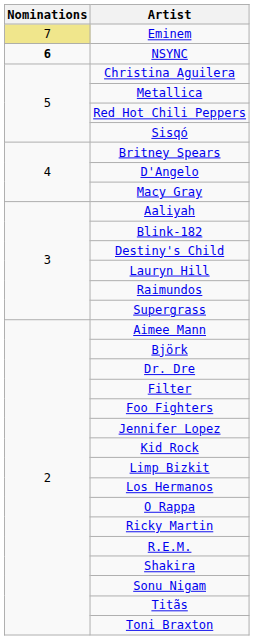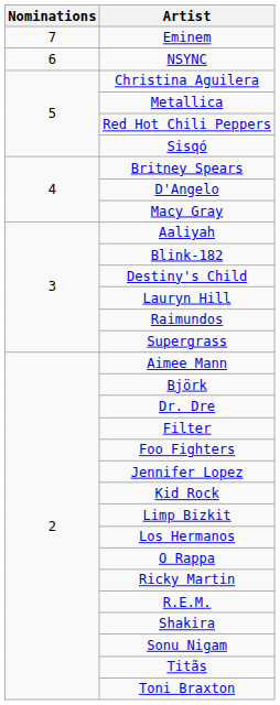 <table class="wikitable" rowspan="2" style="text-align:center">
 <tr>
 <th scope="col" style="width:55px;">Nominations</th>
 <th scope="col" style="text-align:center;">Artist</th>
 </tr>
 <tr>
-<td style="background: khaki; text-align:center">7</td>
+<td style="text-align:center">7</td>
 <td><a href='#'>Eminem</a></td>
 </tr>
 <tr>
-<td style="text-align:center"><strong>6</strong></td>
+<td style="text-align:center">6</td>
 <td><a href='#'>NSYNC</a></td>
 </tr>
 <tr>
 <td rowspan="4" style="text-align:center">5</td>
 <td><a href='#'>Christina Aguilera</a></td>
 </tr>
 <tr>
 <td><a href='#'>Metallica</a></td>
 </tr>
 <tr>
 <td><a href='#'>Red Hot Chili Peppers</a></td>
 </tr>
 <tr>
 <td><a href='#'>Sisqó</a></td>
 </tr>
 <tr>
 <td rowspan="3" style="text-align:center">4</td>
 <td><a href='#'>Britney Spears</a></td>
 </tr>
 <tr>
 <td><a href='#'>D'Angelo</a></td>
 </tr>
 <tr>
 <td><a href='#'>Macy Gray</a></td>
 </tr>
 <tr>
 <td rowspan="6" style="text-align:center">3</td>
 <td><a href='#'>Aaliyah</a></td>
 </tr>
 <tr>
 <td><a href='#'>Blink-182</a></td>
 </tr>
 <tr>
 <td><a href='#'>Destiny's Child</a></td>
 </tr>
 <tr>
 <td><a href='#'>Lauryn Hill</a></td>
 </tr>
 <tr>
 <td><a href='#'>Raimundos</a></td>
 </tr>
 <tr>
 <td><a href='#'>Supergrass</a></td>
 </tr>
 <tr>
 <td rowspan="16" style="text-align:center">2</td>
 <td><a href='#'>Aimee Mann</a></td>
 </tr>
 <tr>
 <td><a href='#'>Björk</a></td>
 </tr>
 <tr>
 <td><a href='#'>Dr. Dre</a></td>
 </tr>
 <tr>
 <td><a href='#'>Filter</a></td>
 </tr>
 <tr>
 <td><a href='#'>Foo Fighters</a></td>
 </tr>
 <tr>
 <td><a href='#'>Jennifer Lopez</a></td>
 </tr>
 <tr>
 <td><a href='#'>Kid Rock</a></td>
 </tr>
 <tr>
 <td><a href='#'>Limp Bizkit</a></td>
 </tr>
 <tr>
 <td><a href='#'>Los Hermanos</a></td>
 </tr>
 <tr>
 <td><a href='#'>O Rappa</a></td>
 </tr>
 <tr>
 <td><a href='#'>Ricky Martin</a></td>
 </tr>
 <tr>
 <td><a href='#'>R.E.M.</a></td>
 </tr>
 <tr>
 <td><a href='#'>Shakira</a></td>
 </tr>
 <tr>
 <td><a href='#'>Sonu Nigam</a></td>
 </tr>
 <tr>
 <td><a href='#'>Titãs</a></td>
 </tr>
 <tr>
 <td><a href='#'>Toni Braxton</a></td>
 </tr>
 </table>
